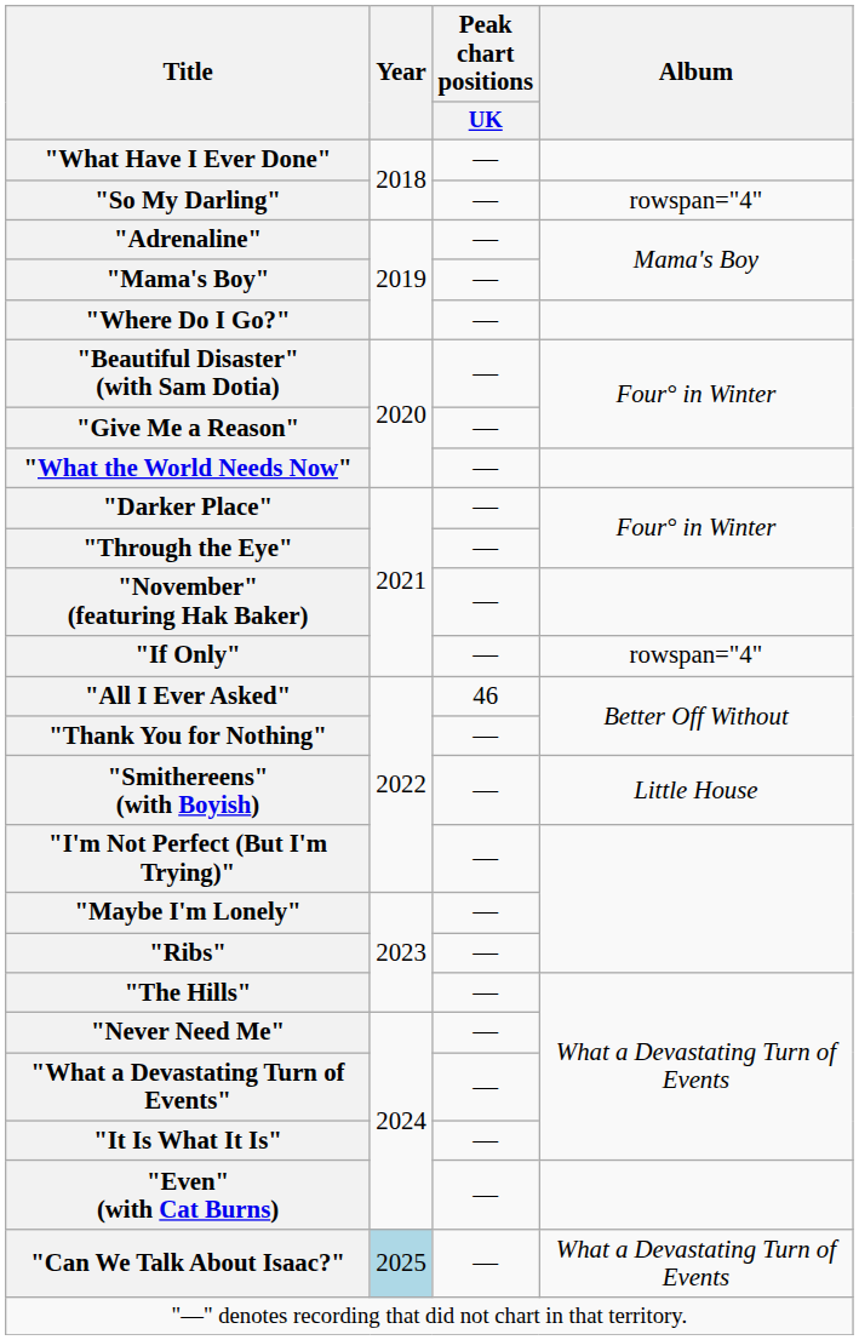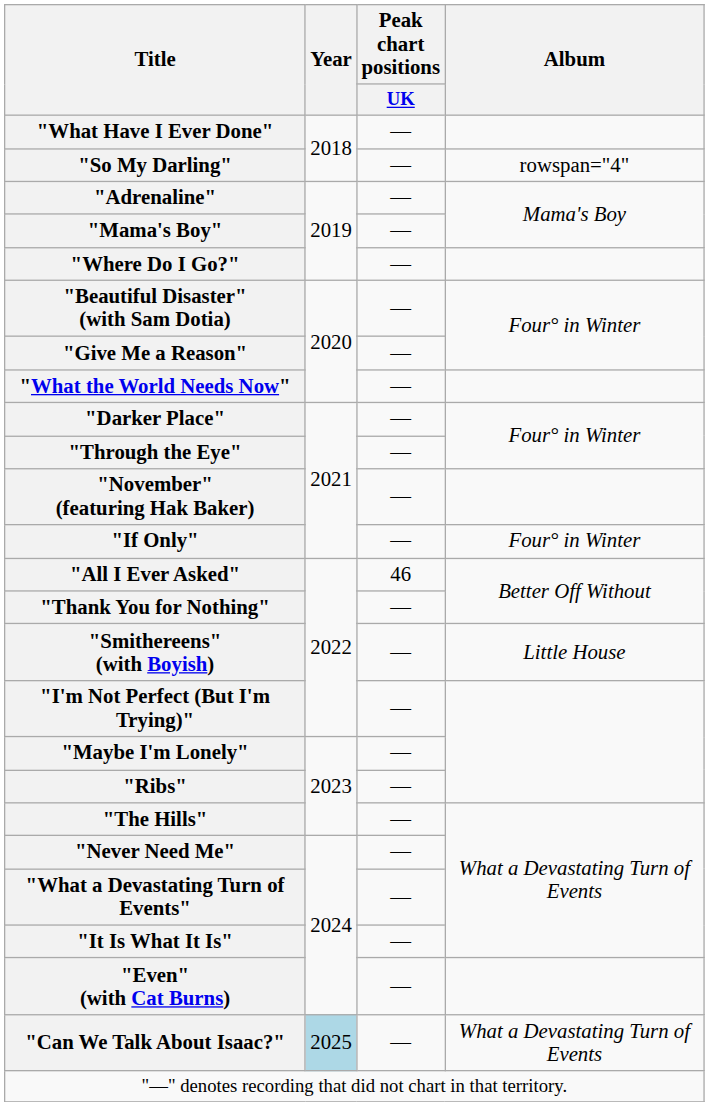 <table class="wikitable plainrowheaders" style="text-align:center;" border="1">
 <tr>
 <th scope="col" style="width:14em;" rowspan="2">Title</th>
 <th scope="col" style="width:2em;" rowspan="2">Year</th>
 <th scope="col" colspan="1">Peak chart positions</th>
 <th scope="col" style="width:12em;" rowspan="2">Album</th>
 </tr>
 <tr>
 <th scope="col" style="width:3em;font-size:90%;"><a href='#'>UK</a><br></th>
 </tr>
 <tr>
 <th scope="row">"What Have I Ever Done"</th>
 <td rowspan="2">2018</td>
 <td>—</td>
 <td></td>
 </tr>
 <tr>
 <th scope="row">"So My Darling"</th>
 <td>—</td>
 <td>rowspan="4" </td>
 </tr>
 <tr>
 <th scope="row">"Adrenaline"</th>
 <td rowspan="3">2019</td>
 <td>—</td>
 <td rowspan="2"><em>Mama's Boy</em></td>
 </tr>
 <tr>
 <th scope="row">"Mama's Boy"</th>
 <td>—</td>
 </tr>
 <tr>
 <th scope="row">"Where Do I Go?"</th>
 <td>—</td>
 <td></td>
 </tr>
 <tr>
 <th scope="row">"Beautiful Disaster"<br><span>(with Sam Dotia)</span></th>
 <td rowspan="3">2020</td>
 <td>—</td>
 <td rowspan="2"><em>Four° in Winter</em></td>
 </tr>
 <tr>
 <th scope="row">"Give Me a Reason"</th>
 <td>—</td>
 </tr>
 <tr>
 <th scope="row">"<a href='#'>What the World Needs Now</a>"</th>
 <td>—</td>
 <td></td>
 </tr>
 <tr>
 <th scope="row">"Darker Place"</th>
 <td rowspan="4">2021</td>
 <td>—</td>
 <td rowspan="2"><em>Four° in Winter</em></td>
 </tr>
 <tr>
 <th scope="row">"Through the Eye"</th>
 <td>—</td>
 </tr>
 <tr>
 <th scope="row">"November"<br><span>(featuring Hak Baker)</span></th>
 <td>—</td>
 <td></td>
 </tr>
 <tr>
 <th scope="row">"If Only"</th>
 <td>—</td>
-<td>rowspan="4" </td>
+<td><em>Four° in Winter</em></td>
 </tr>
 <tr>
 <th scope="row">"All I Ever Asked"</th>
 <td rowspan="4">2022</td>
 <td>46</td>
 <td rowspan="2"><em>Better Off Without</em></td>
 </tr>
 <tr>
 <th scope="row">"Thank You for Nothing"</th>
 <td>—</td>
 </tr>
 <tr>
 <th scope="row">"Smithereens"<br><span>(with <a href='#'>Boyish</a>)</span></th>
 <td>—</td>
 <td rowspan="1"><em>Little House</em></td>
 </tr>
 <tr>
 <th scope="row">"I'm Not Perfect (But I'm Trying)"</th>
 <td>—</td>
 </tr>
 <tr>
 <th scope="row">"Maybe I'm Lonely"</th>
 <td rowspan="3">2023</td>
 <td>—</td>
 </tr>
 <tr>
 <th scope="row">"Ribs"</th>
 <td>—</td>
 </tr>
 <tr>
 <th scope="row">"The Hills"</th>
 <td>—</td>
 <td rowspan="4"><em>What a Devastating Turn of Events</em></td>
 </tr>
 <tr>
 <th scope="row">"Never Need Me"</th>
 <td rowspan="4">2024</td>
 <td>—</td>
 </tr>
 <tr>
 <th scope="row">"What a Devastating Turn of Events"</th>
 <td>—</td>
 </tr>
 <tr>
 <th scope="row">"It Is What It Is"</th>
 <td>—</td>
 </tr>
 <tr>
 <th scope="row">"Even"<br><span>(with <a href='#'>Cat Burns</a>)</span></th>
 <td>—</td>
 <td></td>
 </tr>
 <tr>
 <th scope="row">"Can We Talk About Isaac?"</th>
 <td rowspan="1" style="background: lightblue;">2025</td>
 <td>—</td>
 <td><em>What a Devastating Turn of Events</em></td>
 </tr>
 <tr>
 <td colspan="4" style="font-size:90%">"—" denotes recording that did not chart in that territory.</td>
 </tr>
 </table>
